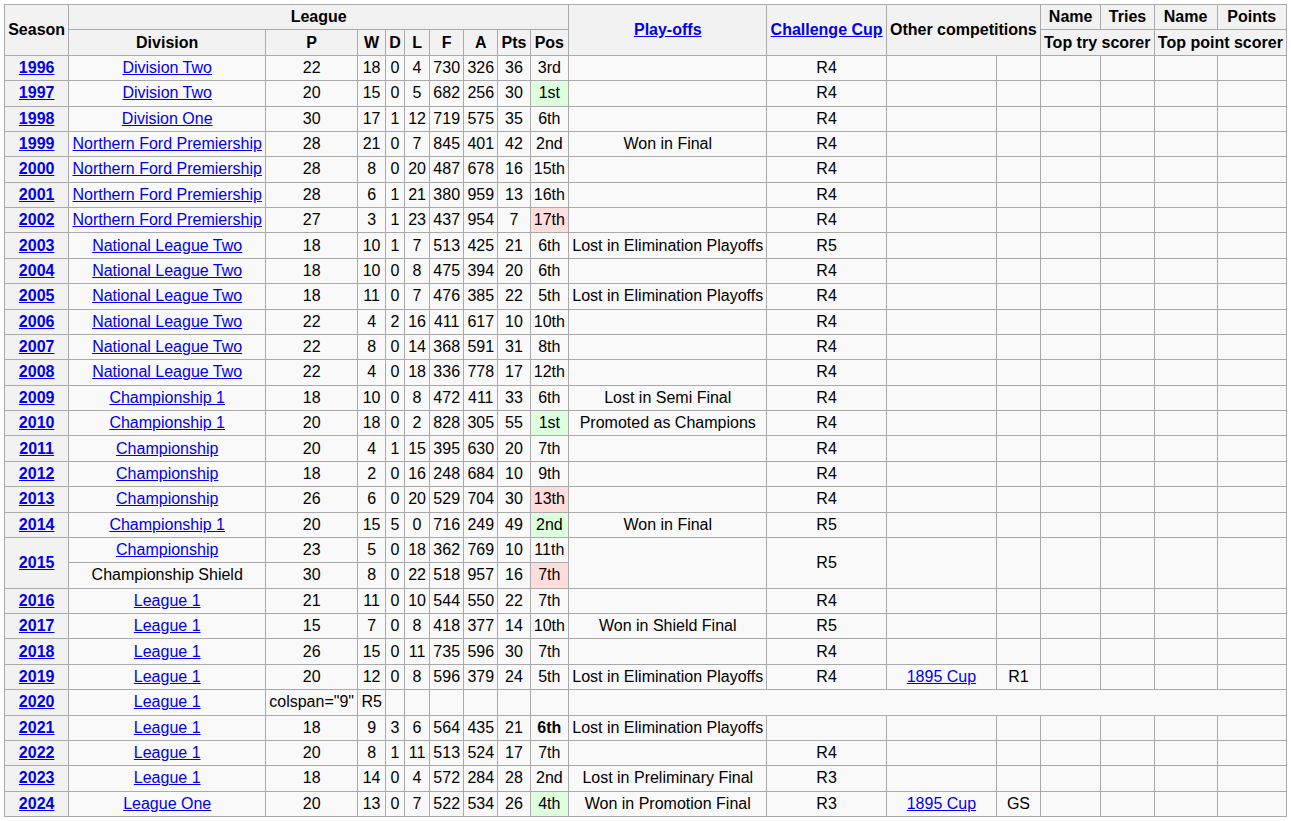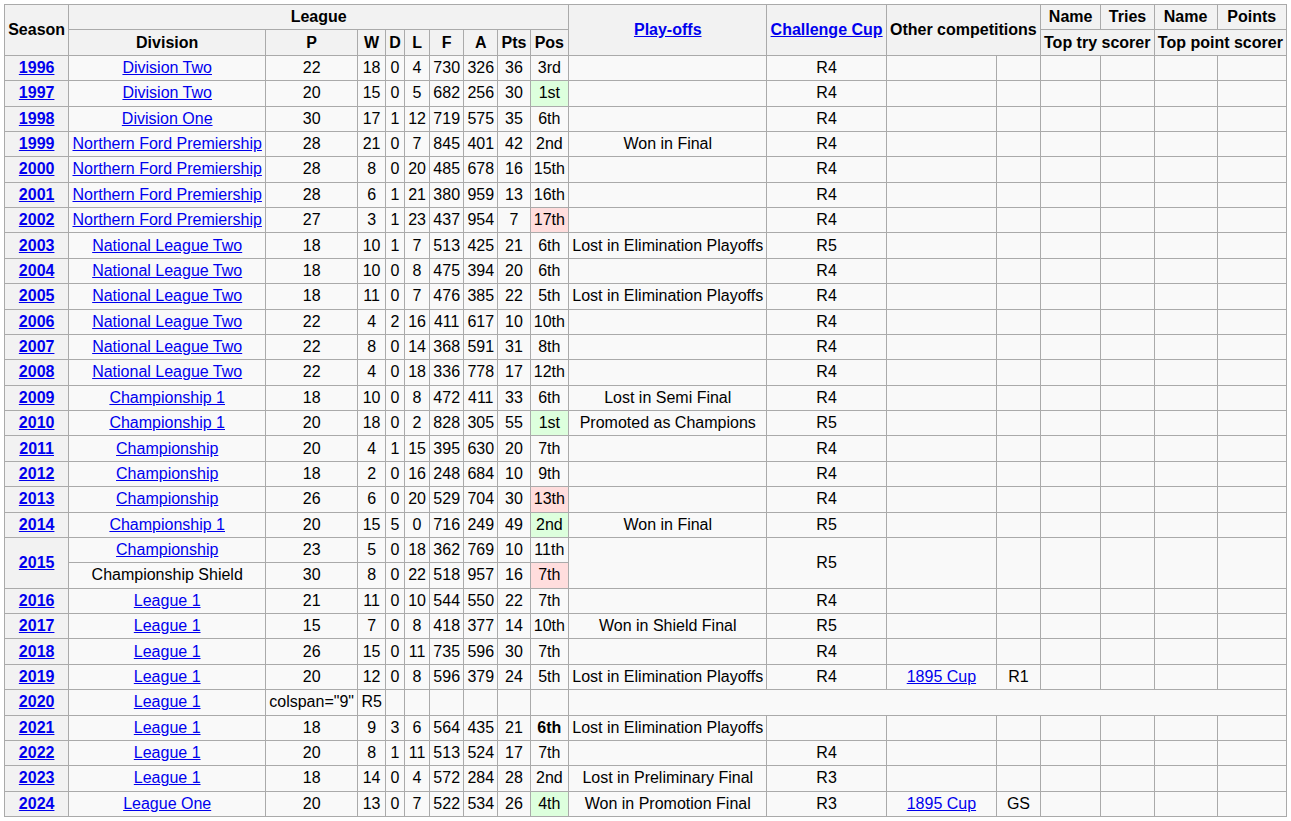 <table class="wikitable" style="text-align: center">
 <tr>
 <th rowspan="2" scope="col">Season</th>
 <th colspan="9" scope="col">League</th>
 <th rowspan="2" scope="col"><a href='#'>Play-offs</a></th>
 <th rowspan="2" scope="col"><a href='#'>Challenge Cup</a></th>
 <th colspan="2" rowspan="2" scope="col">Other competitions</th>
 <th scope="col">Name</th>
 <th scope="col">Tries</th>
 <th scope="col">Name</th>
 <th scope="col">Points</th>
 </tr>
 <tr>
 <th scope="col">Division</th>
 <th scope="col">P</th>
 <th scope="col">W</th>
 <th scope="col">D</th>
 <th scope="col">L</th>
 <th scope="col">F</th>
 <th scope="col">A</th>
 <th scope="col">Pts</th>
 <th scope="col">Pos</th>
 <th colspan="2" scope="col">Top try scorer</th>
 <th colspan="2" scope="col">Top point scorer</th>
 </tr>
 <tr>
 <th scope="row"><a href='#'>1996</a></th>
 <td><a href='#'>Division Two</a></td>
 <td>22</td>
 <td>18</td>
 <td>0</td>
 <td>4</td>
 <td>730</td>
 <td>326</td>
 <td>36</td>
 <td>3rd</td>
 <td></td>
 <td>R4</td>
 <td></td>
 <td></td>
 <td></td>
 <td></td>
 <td></td>
 <td></td>
 </tr>
 <tr>
 <th scope="row"><a href='#'>1997</a></th>
 <td><a href='#'>Division Two</a></td>
 <td>20</td>
 <td>15</td>
 <td>0</td>
 <td>5</td>
 <td>682</td>
 <td>256</td>
 <td>30</td>
 <td style="background:#ddffdd;">1st</td>
 <td></td>
 <td>R4</td>
 <td></td>
 <td></td>
 <td></td>
 <td></td>
 <td></td>
 <td></td>
 </tr>
 <tr>
 <th scope="row"><a href='#'>1998</a></th>
 <td><a href='#'>Division One</a></td>
 <td>30</td>
 <td>17</td>
 <td>1</td>
 <td>12</td>
 <td>719</td>
 <td>575</td>
 <td>35</td>
 <td>6th</td>
 <td></td>
 <td>R4</td>
 <td></td>
 <td></td>
 <td></td>
 <td></td>
 <td></td>
 <td></td>
 </tr>
 <tr>
 <th scope="row"><a href='#'>1999</a></th>
 <td><a href='#'>Northern Ford Premiership</a></td>
 <td>28</td>
 <td>21</td>
 <td>0</td>
 <td>7</td>
 <td>845</td>
 <td>401</td>
 <td>42</td>
 <td>2nd</td>
 <td>Won in Final</td>
 <td>R4</td>
 <td></td>
 <td></td>
 <td></td>
 <td></td>
 <td></td>
 <td></td>
 </tr>
 <tr>
 <th scope="row"><a href='#'>2000</a></th>
 <td><a href='#'>Northern Ford Premiership</a></td>
 <td>28</td>
 <td>8</td>
 <td>0</td>
 <td>20</td>
-<td>487</td>
+<td>485</td>
 <td>678</td>
 <td>16</td>
 <td>15th</td>
 <td></td>
 <td>R4</td>
 <td></td>
 <td></td>
 <td></td>
 <td></td>
 <td></td>
 <td></td>
 </tr>
 <tr>
 <th scope="row"><a href='#'>2001</a></th>
 <td><a href='#'>Northern Ford Premiership</a></td>
 <td>28</td>
 <td>6</td>
 <td>1</td>
 <td>21</td>
 <td>380</td>
 <td>959</td>
 <td>13</td>
 <td>16th</td>
 <td></td>
 <td>R4</td>
 <td></td>
 <td></td>
 <td></td>
 <td></td>
 <td></td>
 <td></td>
 </tr>
 <tr>
 <th scope="row"><a href='#'>2002</a></th>
 <td><a href='#'>Northern Ford Premiership</a></td>
 <td>27</td>
 <td>3</td>
 <td>1</td>
 <td>23</td>
 <td>437</td>
 <td>954</td>
 <td>7</td>
 <td style="background:#ffdddd;">17th</td>
 <td></td>
 <td>R4</td>
 <td></td>
 <td></td>
 <td></td>
 <td></td>
 <td></td>
 <td></td>
 </tr>
 <tr>
 <th scope="row"><a href='#'>2003</a></th>
 <td><a href='#'>National League Two</a></td>
 <td>18</td>
 <td>10</td>
 <td>1</td>
 <td>7</td>
 <td>513</td>
 <td>425</td>
 <td>21</td>
 <td>6th</td>
 <td>Lost in Elimination Playoffs</td>
 <td>R5</td>
 <td></td>
 <td></td>
 <td></td>
 <td></td>
 <td></td>
 <td></td>
 </tr>
 <tr>
 <th scope="row"><a href='#'>2004</a></th>
 <td><a href='#'>National League Two</a></td>
 <td>18</td>
 <td>10</td>
 <td>0</td>
 <td>8</td>
 <td>475</td>
 <td>394</td>
 <td>20</td>
 <td>6th</td>
 <td></td>
 <td>R4</td>
 <td></td>
 <td></td>
 <td></td>
 <td></td>
 <td></td>
 <td></td>
 </tr>
 <tr>
 <th scope="row"><a href='#'>2005</a></th>
 <td><a href='#'>National League Two</a></td>
 <td>18</td>
 <td>11</td>
 <td>0</td>
 <td>7</td>
 <td>476</td>
 <td>385</td>
 <td>22</td>
 <td>5th</td>
 <td>Lost in Elimination Playoffs</td>
 <td>R4</td>
 <td></td>
 <td></td>
 <td></td>
 <td></td>
 <td></td>
 <td></td>
 </tr>
 <tr>
 <th scope="row"><a href='#'>2006</a></th>
 <td><a href='#'>National League Two</a></td>
 <td>22</td>
 <td>4</td>
 <td>2</td>
 <td>16</td>
 <td>411</td>
 <td>617</td>
 <td>10</td>
 <td>10th</td>
 <td></td>
 <td>R4</td>
 <td></td>
 <td></td>
 <td></td>
 <td></td>
 <td></td>
 <td></td>
 </tr>
 <tr>
 <th scope="row"><a href='#'>2007</a></th>
 <td><a href='#'>National League Two</a></td>
 <td>22</td>
 <td>8</td>
 <td>0</td>
 <td>14</td>
 <td>368</td>
 <td>591</td>
 <td>31</td>
 <td>8th</td>
 <td></td>
 <td>R4</td>
 <td></td>
 <td></td>
 <td></td>
 <td></td>
 <td></td>
 <td></td>
 </tr>
 <tr>
 <th scope="row"><a href='#'>2008</a></th>
 <td><a href='#'>National League Two</a></td>
 <td>22</td>
 <td>4</td>
 <td>0</td>
 <td>18</td>
 <td>336</td>
 <td>778</td>
 <td>17</td>
 <td>12th</td>
 <td></td>
 <td>R4</td>
 <td></td>
 <td></td>
 <td></td>
 <td></td>
 <td></td>
 <td></td>
 </tr>
 <tr>
 <th scope="row"><a href='#'>2009</a></th>
 <td><a href='#'>Championship 1</a></td>
 <td>18</td>
 <td>10</td>
 <td>0</td>
 <td>8</td>
 <td>472</td>
 <td>411</td>
 <td>33</td>
 <td>6th</td>
 <td>Lost in Semi Final</td>
 <td>R4</td>
 <td></td>
 <td></td>
 <td></td>
 <td></td>
 <td></td>
 <td></td>
 </tr>
 <tr>
 <th scope="row"><a href='#'>2010</a></th>
 <td><a href='#'>Championship 1</a></td>
 <td>20</td>
 <td>18</td>
 <td>0</td>
 <td>2</td>
 <td>828</td>
 <td>305</td>
 <td>55</td>
 <td style="background:#ddffdd;">1st</td>
 <td>Promoted as Champions</td>
-<td>R4</td>
+<td>R5</td>
 <td></td>
 <td></td>
 <td></td>
 <td></td>
 <td></td>
 <td></td>
 </tr>
 <tr>
 <th scope="row"><a href='#'>2011</a></th>
 <td><a href='#'>Championship</a></td>
 <td>20</td>
 <td>4</td>
 <td>1</td>
 <td>15</td>
 <td>395</td>
 <td>630</td>
 <td>20</td>
 <td>7th</td>
 <td></td>
 <td>R4</td>
 <td></td>
 <td></td>
 <td></td>
 <td></td>
 <td></td>
 <td></td>
 </tr>
 <tr>
 <th scope="row"><a href='#'>2012</a></th>
 <td><a href='#'>Championship</a></td>
 <td>18</td>
 <td>2</td>
 <td>0</td>
 <td>16</td>
 <td>248</td>
 <td>684</td>
 <td>10</td>
 <td>9th</td>
 <td></td>
 <td>R4</td>
 <td></td>
 <td></td>
 <td></td>
 <td></td>
 <td></td>
 <td></td>
 </tr>
 <tr>
 <th scope="row"><a href='#'>2013</a></th>
 <td><a href='#'>Championship</a></td>
 <td>26</td>
 <td>6</td>
 <td>0</td>
 <td>20</td>
 <td>529</td>
 <td>704</td>
 <td>30</td>
 <td style="background:#ffdddd;">13th</td>
 <td></td>
 <td>R4</td>
 <td></td>
 <td></td>
 <td></td>
 <td></td>
 <td></td>
 <td></td>
 </tr>
 <tr>
 <th scope="row"><a href='#'>2014</a></th>
 <td><a href='#'>Championship 1</a></td>
 <td>20</td>
 <td>15</td>
 <td>5</td>
 <td>0</td>
 <td>716</td>
 <td>249</td>
 <td>49</td>
 <td style="background:#ddffdd;">2nd</td>
 <td>Won in Final</td>
 <td>R5</td>
 <td></td>
 <td></td>
 <td></td>
 <td></td>
 <td></td>
 <td></td>
 </tr>
 <tr>
 <th scope="row" rowspan="2"><a href='#'>2015</a></th>
 <td><a href='#'>Championship</a></td>
 <td>23</td>
 <td>5</td>
 <td>0</td>
 <td>18</td>
 <td>362</td>
 <td>769</td>
 <td>10</td>
 <td>11th</td>
 <td rowspan="2"></td>
 <td rowspan="2">R5</td>
 <td rowspan="2"></td>
 <td rowspan="2"></td>
 <td rowspan="2"></td>
 <td rowspan="2"></td>
 <td rowspan="2"></td>
 <td rowspan="2"></td>
 </tr>
 <tr>
 <td>Championship Shield</td>
 <td>30</td>
 <td>8</td>
 <td>0</td>
 <td>22</td>
 <td>518</td>
 <td>957</td>
 <td>16</td>
 <td style="background:#ffdddd;">7th</td>
 </tr>
 <tr>
 <th scope="row"><a href='#'>2016</a></th>
 <td><a href='#'>League 1</a></td>
 <td>21</td>
 <td>11</td>
 <td>0</td>
 <td>10</td>
 <td>544</td>
 <td>550</td>
 <td>22</td>
 <td>7th</td>
 <td></td>
 <td>R4</td>
 <td></td>
 <td></td>
 <td></td>
 <td></td>
 <td></td>
 <td></td>
 </tr>
 <tr>
 <th scope="row"><a href='#'>2017</a></th>
 <td><a href='#'>League 1</a></td>
 <td>15</td>
 <td>7</td>
 <td>0</td>
 <td>8</td>
 <td>418</td>
 <td>377</td>
 <td>14</td>
 <td>10th</td>
 <td>Won in Shield Final</td>
 <td>R5</td>
 <td></td>
 <td></td>
 <td></td>
 <td></td>
 <td></td>
 <td></td>
 </tr>
 <tr>
 <th scope="row"><a href='#'>2018</a></th>
 <td><a href='#'>League 1</a></td>
 <td>26</td>
 <td>15</td>
 <td>0</td>
 <td>11</td>
 <td>735</td>
 <td>596</td>
 <td>30</td>
 <td>7th</td>
 <td></td>
 <td>R4</td>
 <td></td>
 <td></td>
 <td></td>
 <td></td>
 <td></td>
 <td></td>
 </tr>
 <tr>
 <th scope="row"><a href='#'>2019</a></th>
 <td><a href='#'>League 1</a></td>
 <td>20</td>
 <td>12</td>
 <td>0</td>
 <td>8</td>
 <td>596</td>
 <td>379</td>
 <td>24</td>
 <td>5th</td>
 <td>Lost in Elimination Playoffs</td>
 <td>R4</td>
 <td><a href='#'>1895 Cup</a></td>
 <td>R1</td>
 <td></td>
 <td></td>
 <td></td>
 <td></td>
 </tr>
 <tr>
 <th scope="row"><a href='#'>2020</a></th>
 <td><a href='#'>League 1</a></td>
 <td>colspan="9"</td>
 <td>R5</td>
 <td></td>
 <td></td>
 <td></td>
 <td></td>
 <td></td>
 <td></td>
 </tr>
 <tr>
 <th scope="row"><a href='#'>2021</a></th>
 <td><a href='#'>League 1</a></td>
 <td>18</td>
 <td>9</td>
 <td>3</td>
 <td>6</td>
 <td>564</td>
 <td>435</td>
 <td>21</td>
 <td><strong>6th</strong></td>
 <td>Lost in Elimination Playoffs</td>
 <td></td>
 <td></td>
 <td></td>
 <td></td>
 <td></td>
 <td></td>
 <td></td>
 </tr>
 <tr>
 <th scope="row"><a href='#'>2022</a></th>
 <td><a href='#'>League 1</a></td>
 <td>20</td>
 <td>8</td>
 <td>1</td>
 <td>11</td>
 <td>513</td>
 <td>524</td>
 <td>17</td>
 <td>7th</td>
 <td></td>
 <td>R4</td>
 <td></td>
 <td></td>
 <td></td>
 <td></td>
 <td></td>
 <td></td>
 </tr>
 <tr>
 <th scope="row"><a href='#'>2023</a></th>
 <td><a href='#'>League 1</a></td>
 <td>18</td>
 <td>14</td>
 <td>0</td>
 <td>4</td>
 <td>572</td>
 <td>284</td>
 <td>28</td>
 <td>2nd</td>
 <td>Lost in Preliminary Final</td>
 <td>R3</td>
 <td></td>
 <td></td>
 <td></td>
 <td></td>
 <td></td>
 <td></td>
 </tr>
 <tr>
 <th scope="row"><a href='#'>2024</a></th>
 <td><a href='#'>League One</a></td>
 <td>20</td>
 <td>13</td>
 <td>0</td>
 <td>7</td>
 <td>522</td>
 <td>534</td>
 <td>26</td>
 <td style="background:#ddffdd;">4th</td>
 <td>Won in Promotion Final</td>
 <td>R3</td>
 <td><a href='#'>1895 Cup</a></td>
 <td>GS</td>
 <td></td>
 <td></td>
 <td></td>
 <td></td>
 </tr>
 </table>
